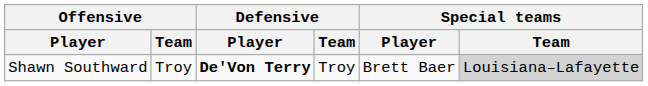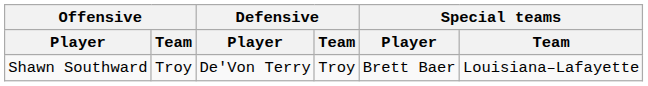 <table class="wikitable">
 <tr>
 <th colspan="2">Offensive</th>
 <th colspan="2">Defensive</th>
 <th colspan="2">Special teams</th>
 </tr>
 <tr>
 <th>Player</th>
 <th>Team</th>
 <th>Player</th>
 <th>Team</th>
 <th>Player</th>
 <th>Team</th>
 </tr>
 <tr>
 <td>Shawn Southward</td>
 <td>Troy</td>
-<td><strong>De'Von Terry</strong></td>
+<td>De'Von Terry</td>
 <td>Troy</td>
 <td>Brett Baer</td>
-<td style="background: lightgrey;">Louisiana–Lafayette</td>
+<td>Louisiana–Lafayette</td>
 </tr>
 </table>
